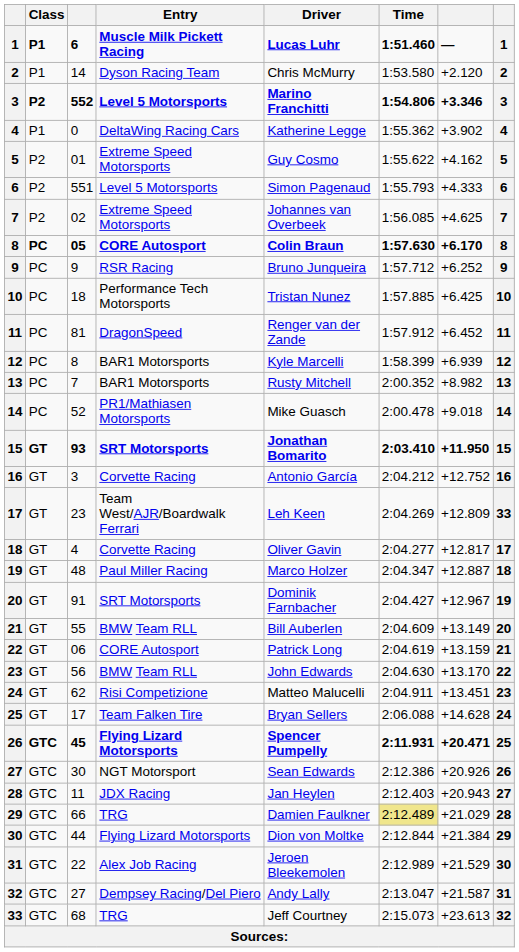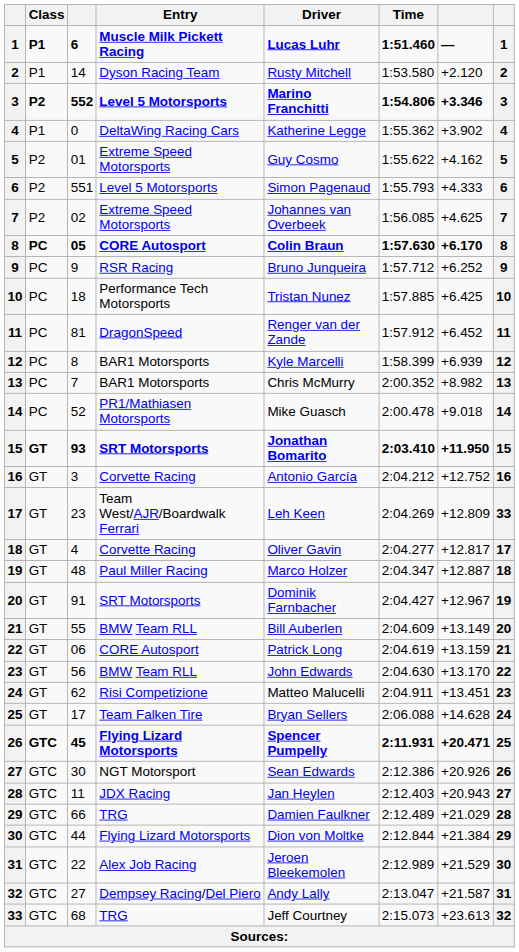 <table class="wikitable">
 <tr>
 <th></th>
 <th>Class</th>
 <th></th>
 <th>Entry</th>
 <th>Driver</th>
 <th>Time</th>
 <th></th>
 <th></th>
 </tr>
 <tr style="font-weight:bold">
 <th>1</th>
 <td>P1</td>
 <td>6</td>
 <td> <a href='#'>Muscle Milk Pickett Racing</a></td>
 <td> <a href='#'>Lucas Luhr</a></td>
 <td>1:51.460</td>
 <td>—</td>
 <th>1</th>
 </tr>
 <tr>
 <th>2</th>
 <td>P1</td>
 <td>14</td>
 <td> <a href='#'>Dyson Racing Team</a></td>
-<td> Chris McMurry</td>
+<td> <a href='#'>Rusty Mitchell</a></td>
 <td>1:53.580</td>
 <td>+2.120</td>
 <th>2</th>
 </tr>
 <tr style="font-weight:bold">
 <th>3</th>
 <td>P2</td>
 <td>552</td>
 <td> <a href='#'>Level 5 Motorsports</a></td>
 <td> <a href='#'>Marino Franchitti</a></td>
 <td>1:54.806</td>
 <td>+3.346</td>
 <th>3</th>
 </tr>
 <tr>
 <th>4</th>
 <td>P1</td>
 <td>0</td>
 <td> <a href='#'>DeltaWing Racing Cars</a></td>
 <td> <a href='#'>Katherine Legge</a></td>
 <td>1:55.362</td>
 <td>+3.902</td>
 <th>4</th>
 </tr>
 <tr>
 <th>5</th>
 <td>P2</td>
 <td>01</td>
 <td> <a href='#'>Extreme Speed Motorsports</a></td>
 <td> <a href='#'>Guy Cosmo</a></td>
 <td>1:55.622</td>
 <td>+4.162</td>
 <th>5</th>
 </tr>
 <tr>
 <th>6</th>
 <td>P2</td>
 <td>551</td>
 <td> <a href='#'>Level 5 Motorsports</a></td>
 <td> <a href='#'>Simon Pagenaud</a></td>
 <td>1:55.793</td>
 <td>+4.333</td>
 <th>6</th>
 </tr>
 <tr>
 <th>7</th>
 <td>P2</td>
 <td>02</td>
 <td> <a href='#'>Extreme Speed Motorsports</a></td>
 <td> <a href='#'>Johannes van Overbeek</a></td>
 <td>1:56.085</td>
 <td>+4.625</td>
 <th>7</th>
 </tr>
 <tr style="font-weight:bold">
 <th>8</th>
 <td>PC</td>
 <td>05</td>
 <td> <a href='#'>CORE Autosport</a></td>
 <td> <a href='#'>Colin Braun</a></td>
 <td>1:57.630</td>
 <td>+6.170</td>
 <th>8</th>
 </tr>
 <tr>
 <th>9</th>
 <td>PC</td>
 <td>9</td>
 <td> <a href='#'>RSR Racing</a></td>
 <td> <a href='#'>Bruno Junqueira</a></td>
 <td>1:57.712</td>
 <td>+6.252</td>
 <th>9</th>
 </tr>
 <tr>
 <th>10</th>
 <td>PC</td>
 <td>18</td>
 <td> Performance Tech Motorsports</td>
 <td> <a href='#'>Tristan Nunez</a></td>
 <td>1:57.885</td>
 <td>+6.425</td>
 <th>10</th>
 </tr>
 <tr>
 <th>11</th>
 <td>PC</td>
 <td>81</td>
 <td> <a href='#'>DragonSpeed</a></td>
 <td> <a href='#'>Renger van der Zande</a></td>
 <td>1:57.912</td>
 <td>+6.452</td>
 <th>11</th>
 </tr>
 <tr>
 <th>12</th>
 <td>PC</td>
 <td>8</td>
 <td> BAR1 Motorsports</td>
 <td> <a href='#'>Kyle Marcelli</a></td>
 <td>1:58.399</td>
 <td>+6.939</td>
 <th>12</th>
 </tr>
 <tr>
 <th>13</th>
 <td>PC</td>
 <td>7</td>
 <td> BAR1 Motorsports</td>
-<td> <a href='#'>Rusty Mitchell</a></td>
+<td> Chris McMurry</td>
 <td>2:00.352</td>
 <td>+8.982</td>
 <th>13</th>
 </tr>
 <tr>
 <th>14</th>
 <td>PC</td>
 <td>52</td>
 <td> <a href='#'>PR1/Mathiasen Motorsports</a></td>
 <td> Mike Guasch</td>
 <td>2:00.478</td>
 <td>+9.018</td>
 <th>14</th>
 </tr>
 <tr style="font-weight:bold">
 <th>15</th>
 <td>GT</td>
 <td>93</td>
 <td> <a href='#'>SRT Motorsports</a></td>
 <td> <a href='#'>Jonathan Bomarito</a></td>
 <td>2:03.410</td>
 <td>+11.950</td>
 <th>15</th>
 </tr>
 <tr>
 <th>16</th>
 <td>GT</td>
 <td>3</td>
 <td> <a href='#'>Corvette Racing</a></td>
 <td> <a href='#'>Antonio García</a></td>
 <td>2:04.212</td>
 <td>+12.752</td>
 <th>16</th>
 </tr>
 <tr>
 <th>17</th>
 <td>GT</td>
 <td>23</td>
 <td> Team West/<a href='#'>AJR</a>/Boardwalk <a href='#'>Ferrari</a></td>
 <td> <a href='#'>Leh Keen</a></td>
 <td>2:04.269</td>
 <td>+12.809</td>
 <th>33</th>
 </tr>
 <tr>
 <th>18</th>
 <td>GT</td>
 <td>4</td>
 <td> <a href='#'>Corvette Racing</a></td>
 <td> <a href='#'>Oliver Gavin</a></td>
 <td>2:04.277</td>
 <td>+12.817</td>
 <th>17</th>
 </tr>
 <tr>
 <th>19</th>
 <td>GT</td>
 <td>48</td>
 <td> <a href='#'>Paul Miller Racing</a></td>
 <td> <a href='#'>Marco Holzer</a></td>
 <td>2:04.347</td>
 <td>+12.887</td>
 <th>18</th>
 </tr>
 <tr>
 <th>20</th>
 <td>GT</td>
 <td>91</td>
 <td> <a href='#'>SRT Motorsports</a></td>
 <td> <a href='#'>Dominik Farnbacher</a></td>
 <td>2:04.427</td>
 <td>+12.967</td>
 <th>19</th>
 </tr>
 <tr>
 <th>21</th>
 <td>GT</td>
 <td>55</td>
 <td> <a href='#'>BMW</a> <a href='#'>Team RLL</a></td>
 <td> <a href='#'>Bill Auberlen</a></td>
 <td>2:04.609</td>
 <td>+13.149</td>
 <th>20</th>
 </tr>
 <tr>
 <th>22</th>
 <td>GT</td>
 <td>06</td>
 <td> <a href='#'>CORE Autosport</a></td>
 <td> <a href='#'>Patrick Long</a></td>
 <td>2:04.619</td>
 <td>+13.159</td>
 <th>21</th>
 </tr>
 <tr>
 <th>23</th>
 <td>GT</td>
 <td>56</td>
 <td> <a href='#'>BMW</a> <a href='#'>Team RLL</a></td>
 <td> <a href='#'>John Edwards</a></td>
 <td>2:04.630</td>
 <td>+13.170</td>
 <th>22</th>
 </tr>
 <tr>
 <th>24</th>
 <td>GT</td>
 <td>62</td>
 <td> <a href='#'>Risi Competizione</a></td>
 <td> Matteo Malucelli</td>
 <td>2:04.911</td>
 <td>+13.451</td>
 <th>23</th>
 </tr>
 <tr>
 <th>25</th>
 <td>GT</td>
 <td>17</td>
 <td> <a href='#'>Team Falken Tire</a></td>
 <td> <a href='#'>Bryan Sellers</a></td>
 <td>2:06.088</td>
 <td>+14.628</td>
 <th>24</th>
 </tr>
 <tr style="font-weight:bold">
 <th>26</th>
 <td>GTC</td>
 <td>45</td>
 <td> <a href='#'>Flying Lizard Motorsports</a></td>
 <td> <a href='#'>Spencer Pumpelly</a></td>
 <td>2:11.931</td>
 <td>+20.471</td>
 <th>25</th>
 </tr>
 <tr>
 <th>27</th>
 <td>GTC</td>
 <td>30</td>
 <td> NGT Motorsport</td>
 <td> <a href='#'>Sean Edwards</a></td>
 <td>2:12.386</td>
 <td>+20.926</td>
 <th>26</th>
 </tr>
 <tr>
 <th>28</th>
 <td>GTC</td>
 <td>11</td>
 <td> <a href='#'>JDX Racing</a></td>
 <td> <a href='#'>Jan Heylen</a></td>
 <td>2:12.403</td>
 <td>+20.943</td>
 <th>27</th>
 </tr>
 <tr>
 <th>29</th>
 <td>GTC</td>
 <td>66</td>
 <td> <a href='#'>TRG</a></td>
 <td> <a href='#'>Damien Faulkner</a></td>
-<td style="background: khaki;">2:12.489</td>
+<td>2:12.489</td>
 <td>+21.029</td>
 <th>28</th>
 </tr>
 <tr>
 <th>30</th>
 <td>GTC</td>
 <td>44</td>
 <td> <a href='#'>Flying Lizard Motorsports</a></td>
 <td> <a href='#'>Dion von Moltke</a></td>
 <td>2:12.844</td>
 <td>+21.384</td>
 <th>29</th>
 </tr>
 <tr>
 <th>31</th>
 <td>GTC</td>
 <td>22</td>
 <td> <a href='#'>Alex Job Racing</a></td>
 <td> <a href='#'>Jeroen Bleekemolen</a></td>
 <td>2:12.989</td>
 <td>+21.529</td>
 <th>30</th>
 </tr>
 <tr>
 <th>32</th>
 <td>GTC</td>
 <td>27</td>
 <td> <a href='#'>Dempsey Racing</a>/<a href='#'>Del Piero</a></td>
 <td> <a href='#'>Andy Lally</a></td>
 <td>2:13.047</td>
 <td>+21.587</td>
 <th>31</th>
 </tr>
 <tr>
 <th>33</th>
 <td>GTC</td>
 <td>68</td>
 <td> <a href='#'>TRG</a></td>
 <td> Jeff Courtney</td>
 <td>2:15.073</td>
 <td>+23.613</td>
 <th>32</th>
 </tr>
 <tr>
 <th colspan="8">Sources:</th>
 </tr>
 </table>
